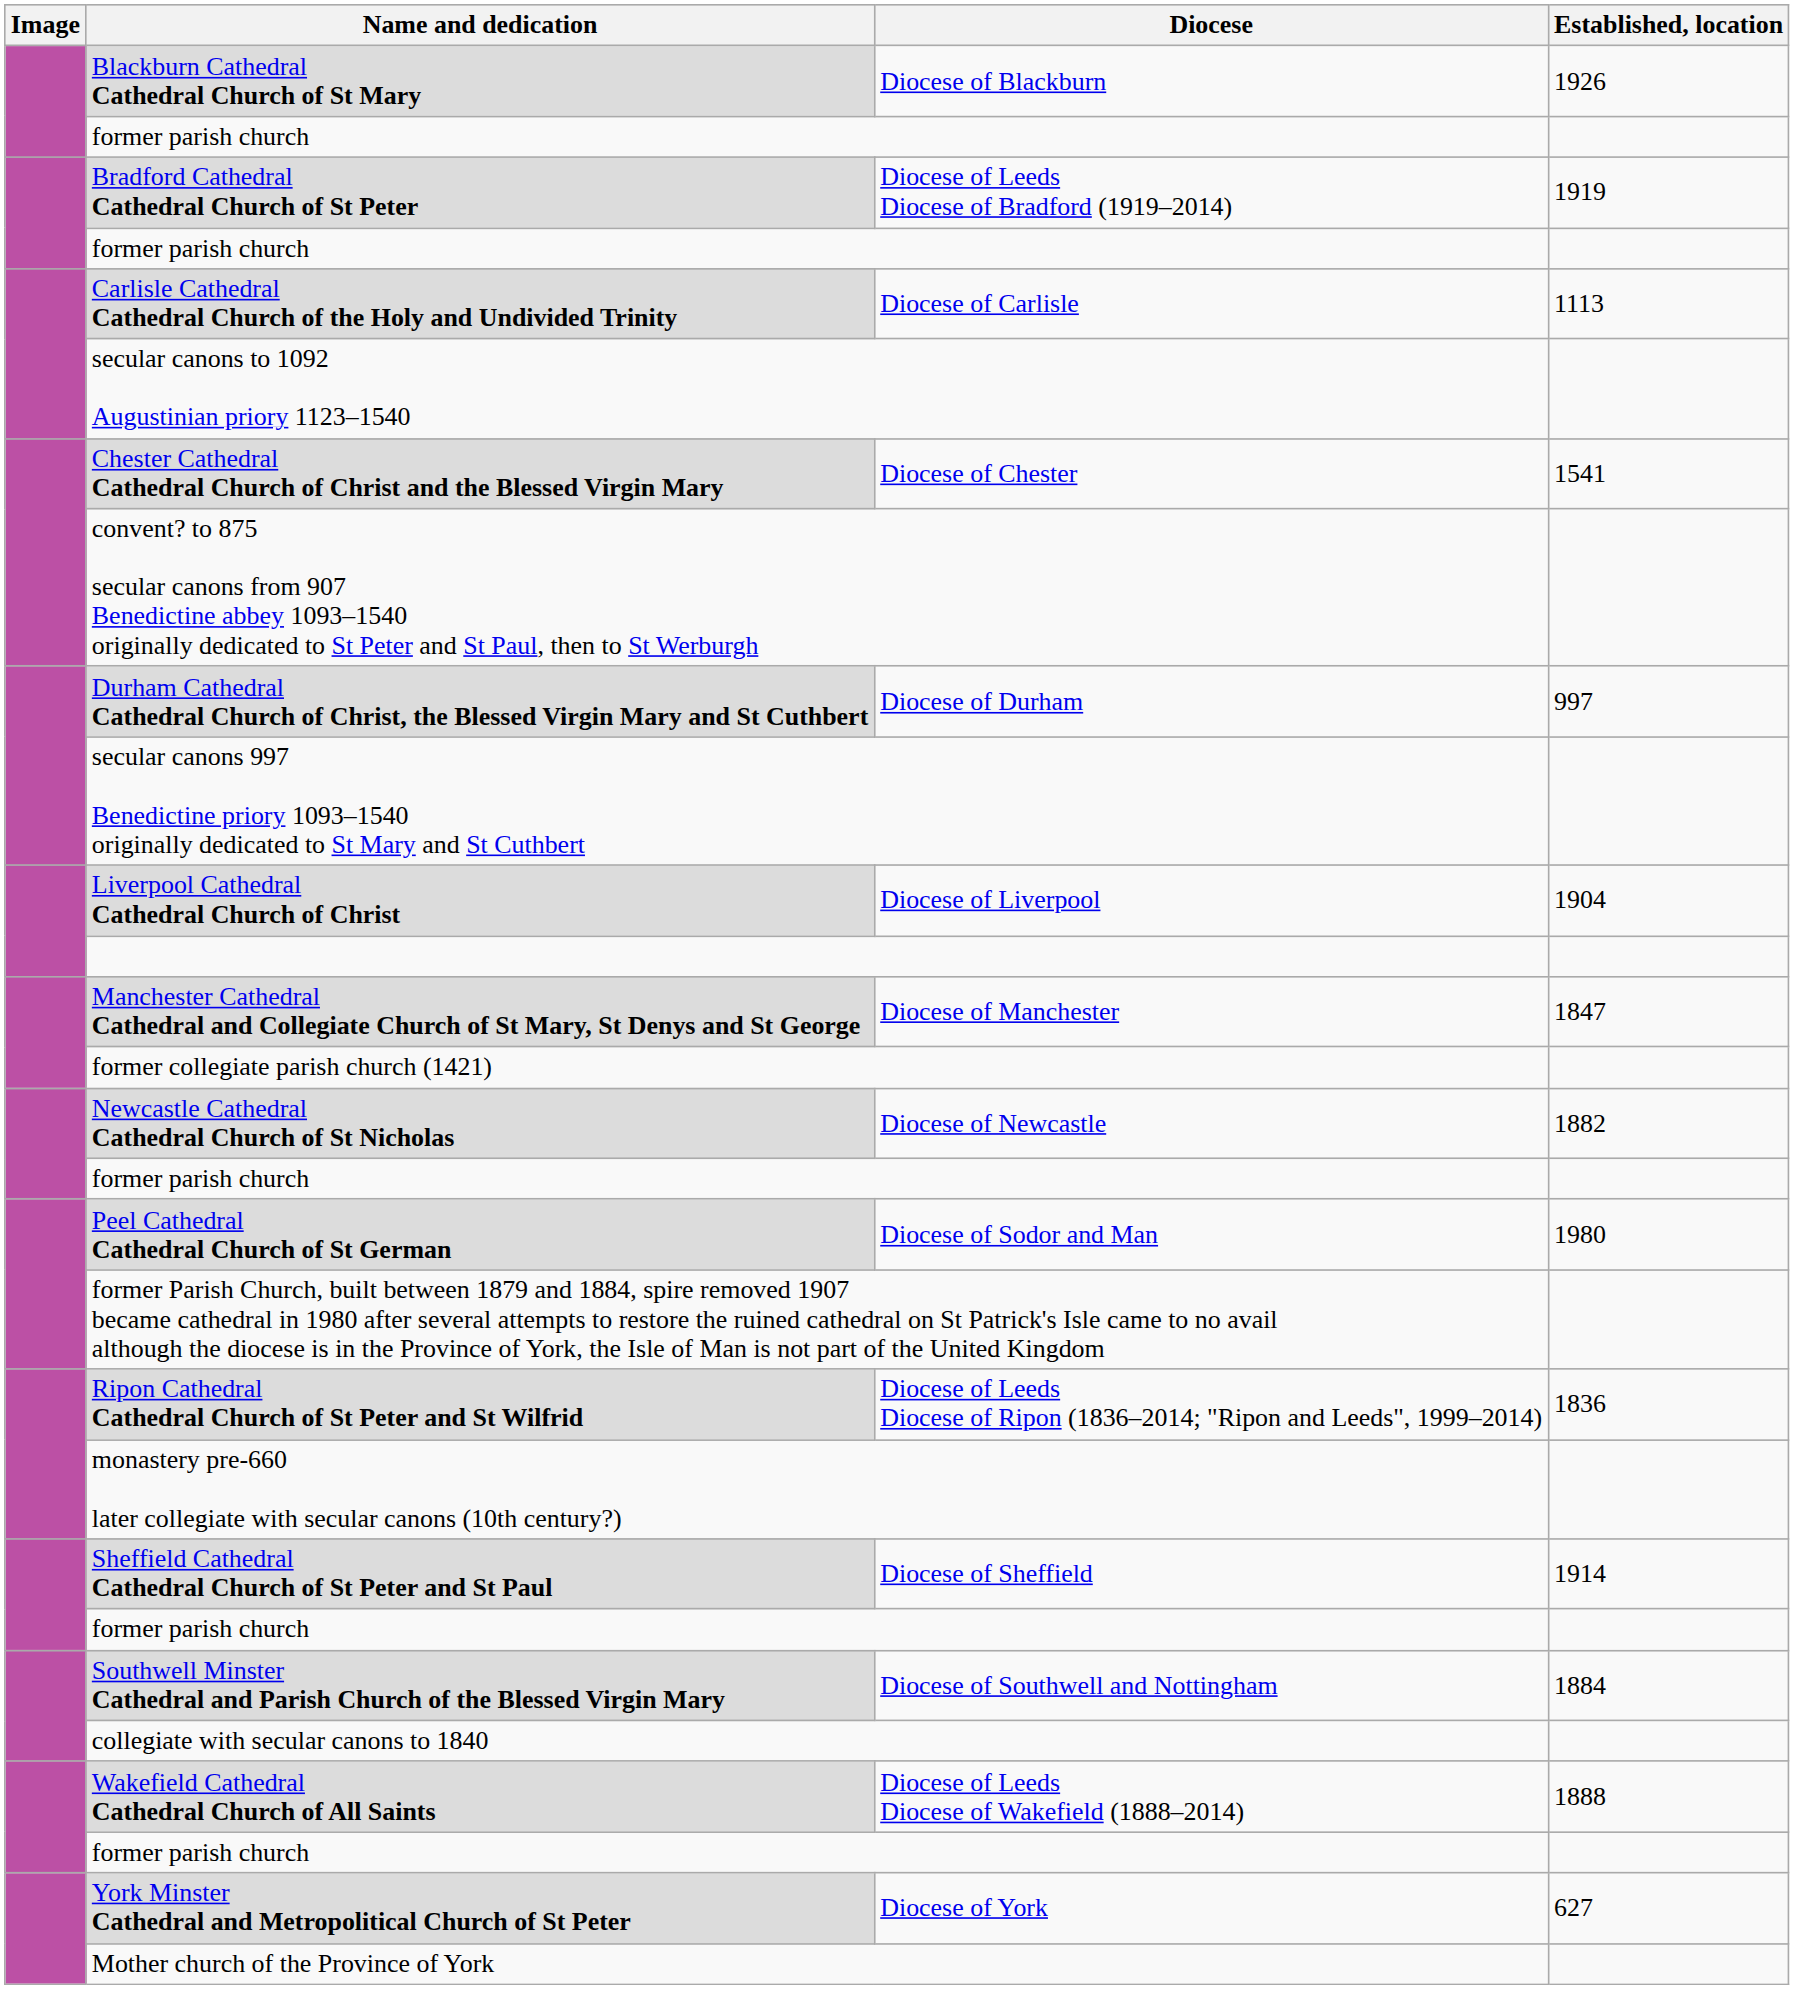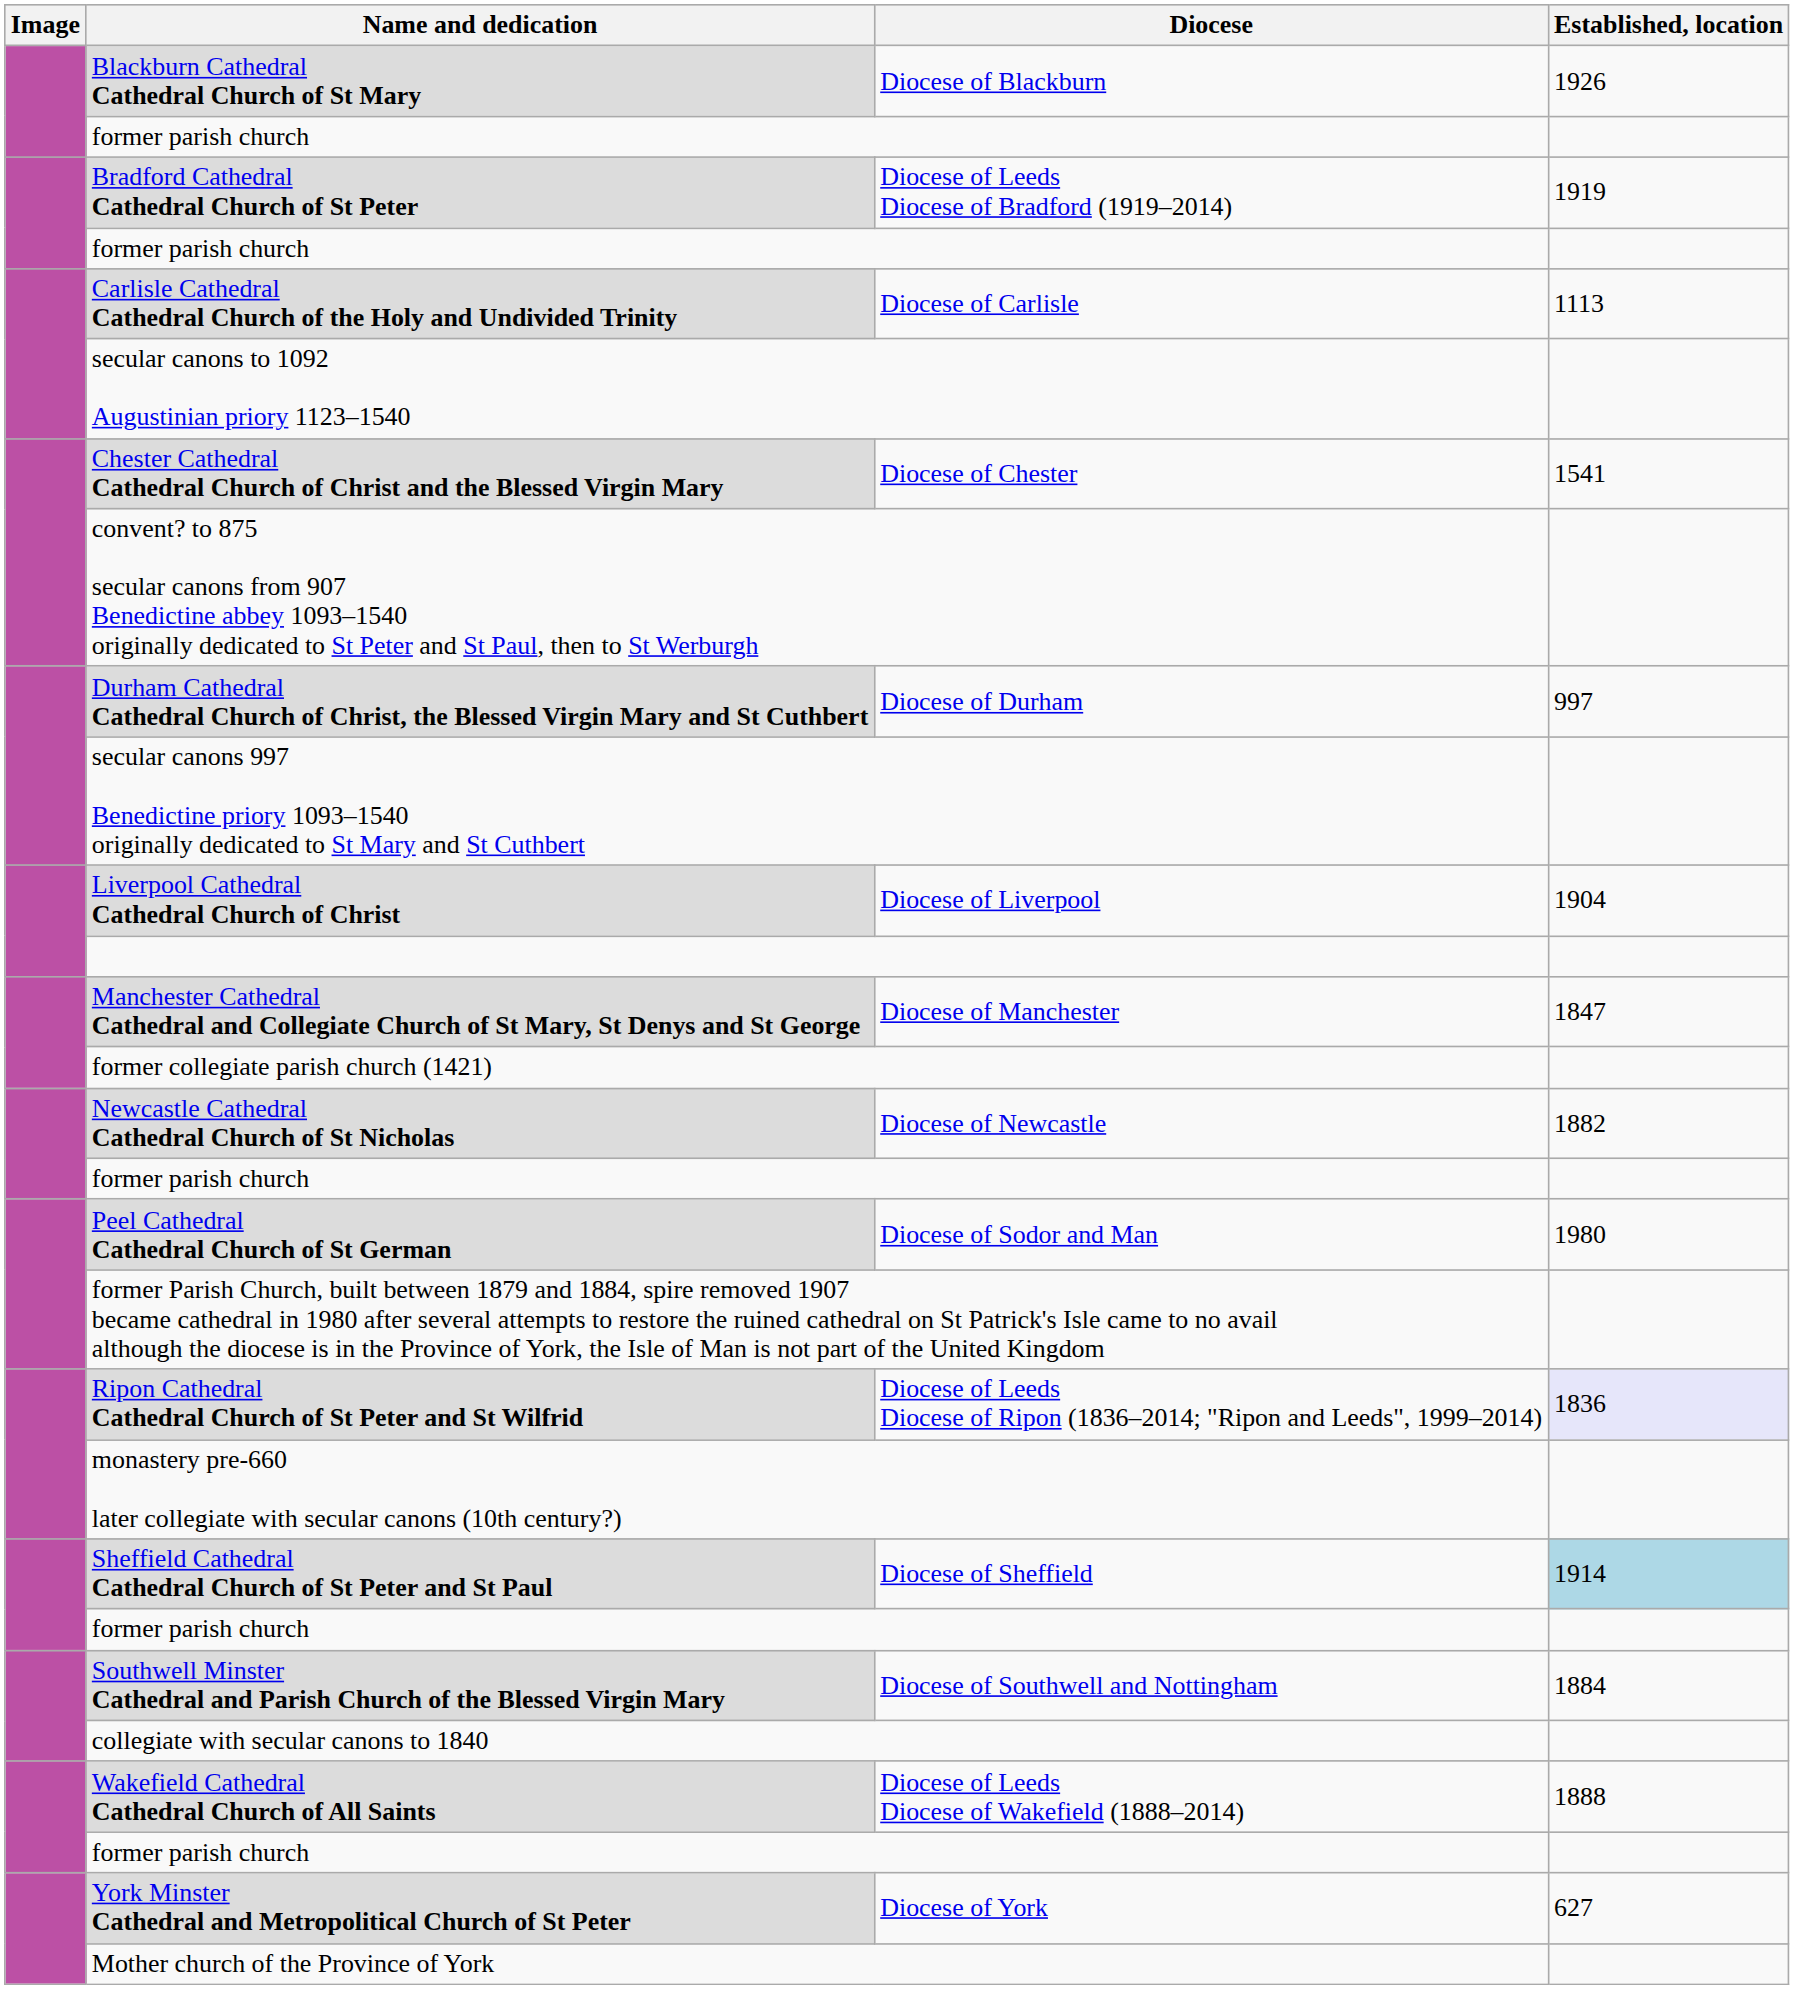 <table class="wikitable">
 <tr>
 <th>Image</th>
 <th>Name and dedication</th>
 <th>Diocese</th>
 <th>Established, location</th>
 </tr>
 <tr>
 <td rowspan="2" bgcolor="#BC50A5" align="center"></td>
 <td bgcolor="Gainsboro"><a href='#'>Blackburn Cathedral</a><br><strong>Cathedral Church of St Mary</strong></td>
 <td> <a href='#'>Diocese of Blackburn</a></td>
 <td>1926</td>
 </tr>
 <tr>
 <td colspan="2">former parish church</td>
 <td><br></td>
 </tr>
 <tr>
 <td rowspan="2" bgcolor="#BC50A5" align="center"></td>
 <td bgcolor="Gainsboro"><a href='#'>Bradford Cathedral</a><br><strong>Cathedral Church of St Peter</strong></td>
 <td> <a href='#'>Diocese of Leeds</a><br><a href='#'>Diocese of Bradford</a> (1919–2014)</td>
 <td>1919</td>
 </tr>
 <tr>
 <td colspan="2">former parish church</td>
 <td><br></td>
 </tr>
 <tr>
 <td rowspan="2" bgcolor="#BC50A5" align="center"></td>
 <td bgcolor="Gainsboro"><a href='#'>Carlisle Cathedral</a><br><strong>Cathedral Church of the Holy and Undivided Trinity</strong></td>
 <td> <a href='#'>Diocese of Carlisle</a></td>
 <td>1113</td>
 </tr>
 <tr>
 <td colspan="2">secular canons to 1092<br><br><a href='#'>Augustinian priory</a> 1123–1540</td>
 <td><br></td>
 </tr>
 <tr>
 <td rowspan="2" bgcolor="#BC50A5" align="center"></td>
 <td bgcolor="Gainsboro"><a href='#'>Chester Cathedral</a><br><strong>Cathedral Church of Christ and the Blessed Virgin Mary</strong></td>
 <td> <a href='#'>Diocese of Chester</a></td>
 <td>1541</td>
 </tr>
 <tr>
 <td colspan="2">convent? to 875<br><br>secular canons from 907<br> <a href='#'>Benedictine abbey</a> 1093–1540<br> originally dedicated to <a href='#'>St Peter</a> and <a href='#'>St Paul</a>, then to <a href='#'>St Werburgh</a></td>
 <td><br></td>
 </tr>
 <tr>
 <td rowspan="2" bgcolor="#BC50A5" align="center"></td>
 <td bgcolor="Gainsboro"><a href='#'>Durham Cathedral</a><br><strong>Cathedral Church of Christ, the Blessed Virgin Mary and St Cuthbert</strong></td>
 <td> <a href='#'>Diocese of Durham</a></td>
 <td>997</td>
 </tr>
 <tr>
 <td colspan="2">secular canons 997<br><br><a href='#'>Benedictine priory</a> 1093–1540<br> originally dedicated to <a href='#'>St Mary</a> and <a href='#'>St Cuthbert</a></td>
 <td><br></td>
 </tr>
 <tr>
 <td rowspan="2" bgcolor="#BC50A5" align="center"></td>
 <td bgcolor="Gainsboro"><a href='#'>Liverpool Cathedral</a><br><strong>Cathedral Church of Christ</strong></td>
 <td> <a href='#'>Diocese of Liverpool</a></td>
 <td>1904</td>
 </tr>
 <tr>
 <td colspan="2"></td>
 <td><br></td>
 </tr>
 <tr>
 <td rowspan="2" bgcolor="#BC50A5" align="center"></td>
 <td bgcolor="Gainsboro"><a href='#'>Manchester Cathedral</a><br><strong>Cathedral and Collegiate Church of St Mary, St Denys and St George</strong></td>
 <td> <a href='#'>Diocese of Manchester</a></td>
 <td>1847</td>
 </tr>
 <tr>
 <td colspan="2">former collegiate parish church (1421)</td>
 <td><br></td>
 </tr>
 <tr>
 <td rowspan="2" bgcolor="#BC50A5" align="center"></td>
 <td bgcolor="Gainsboro"><a href='#'>Newcastle Cathedral</a><br><strong>Cathedral Church of St Nicholas</strong></td>
 <td> <a href='#'>Diocese of Newcastle</a></td>
 <td>1882</td>
 </tr>
 <tr>
 <td colspan="2">former parish church</td>
 <td><br></td>
 </tr>
 <tr>
 <td rowspan="2" bgcolor="#BC50A5" align="center"></td>
 <td bgcolor="Gainsboro"><a href='#'>Peel Cathedral</a><br><strong>Cathedral Church of St German</strong></td>
 <td> <a href='#'>Diocese of Sodor and Man</a></td>
 <td>1980</td>
 </tr>
 <tr>
 <td colspan="2">former Parish Church, built between 1879 and 1884, spire removed 1907<br>became cathedral in 1980 after several attempts to restore the ruined cathedral on St Patrick's Isle came to no avail<br> although the diocese is in the Province of York, the Isle of Man is not part of the United Kingdom</td>
 <td><br></td>
 </tr>
 <tr>
 <td rowspan="2" bgcolor="#BC50A5" align="center"></td>
 <td bgcolor="Gainsboro"><a href='#'>Ripon Cathedral</a><br><strong>Cathedral Church of St Peter and St Wilfrid</strong></td>
 <td> <a href='#'>Diocese of Leeds</a><br><a href='#'>Diocese of Ripon</a> (1836–2014; "Ripon and Leeds", 1999–2014)</td>
-<td>1836</td>
+<td style="background: lavender;">1836</td>
 </tr>
 <tr>
 <td colspan="2">monastery pre-660<br><br>later collegiate with secular canons (10th century?)</td>
 <td><br></td>
 </tr>
 <tr>
 <td rowspan="2" bgcolor="#BC50A5" align="center"></td>
 <td bgcolor="Gainsboro"><a href='#'>Sheffield Cathedral</a><br><strong>Cathedral Church of St Peter and St Paul</strong></td>
 <td> <a href='#'>Diocese of Sheffield</a></td>
-<td>1914</td>
+<td style="background: lightblue;">1914</td>
 </tr>
 <tr>
 <td colspan="2">former parish church</td>
 <td><br></td>
 </tr>
 <tr>
 <td rowspan="2" bgcolor="#BC50A5" align="center"></td>
 <td bgcolor="Gainsboro"><a href='#'>Southwell Minster</a><br><strong>Cathedral and Parish Church of the Blessed Virgin Mary</strong></td>
 <td> <a href='#'>Diocese of Southwell and Nottingham</a></td>
 <td>1884</td>
 </tr>
 <tr>
 <td colspan="2">collegiate with secular canons to 1840</td>
 <td><br></td>
 </tr>
 <tr>
 <td rowspan="2" bgcolor="#BC50A5" align="center"></td>
 <td bgcolor="Gainsboro"><a href='#'>Wakefield Cathedral</a><br><strong>Cathedral Church of All Saints</strong></td>
 <td> <a href='#'>Diocese of Leeds</a><br><a href='#'>Diocese of Wakefield</a> (1888–2014)</td>
 <td>1888</td>
 </tr>
 <tr>
 <td colspan="2">former parish church</td>
 <td><br></td>
 </tr>
 <tr>
 <td rowspan="2" bgcolor="#BC50A5" align="center"></td>
 <td bgcolor="Gainsboro"><a href='#'>York Minster</a><br><strong>Cathedral and Metropolitical Church of St Peter</strong></td>
 <td>  <a href='#'>Diocese of York</a></td>
 <td>627</td>
 </tr>
 <tr>
 <td colspan="2">Mother church of the Province of York</td>
 <td></td>
 </tr>
 </table>
